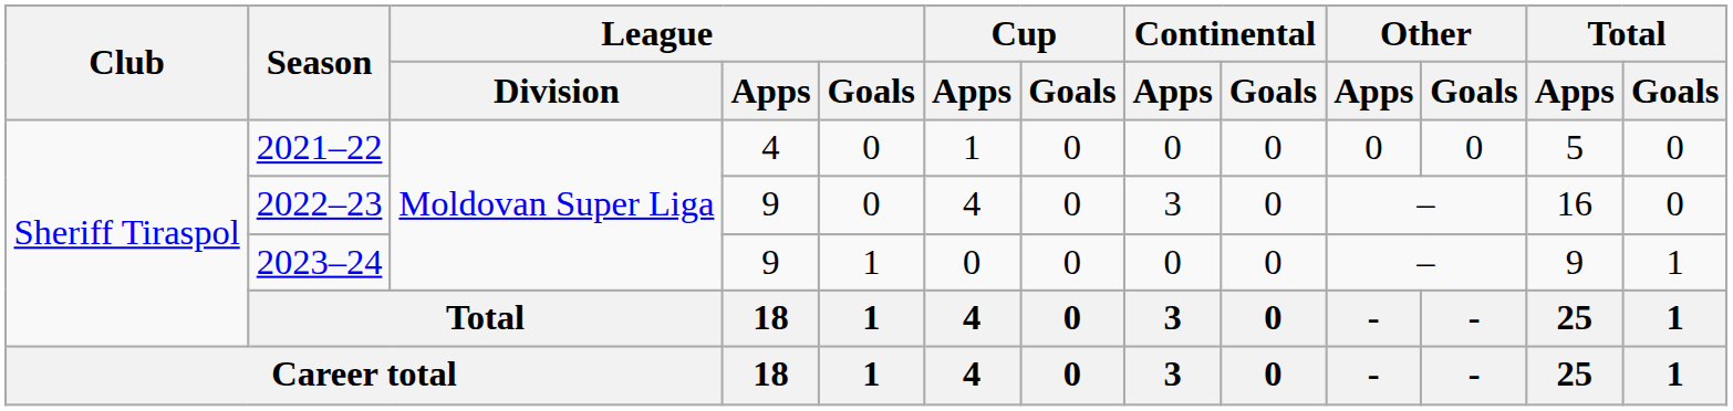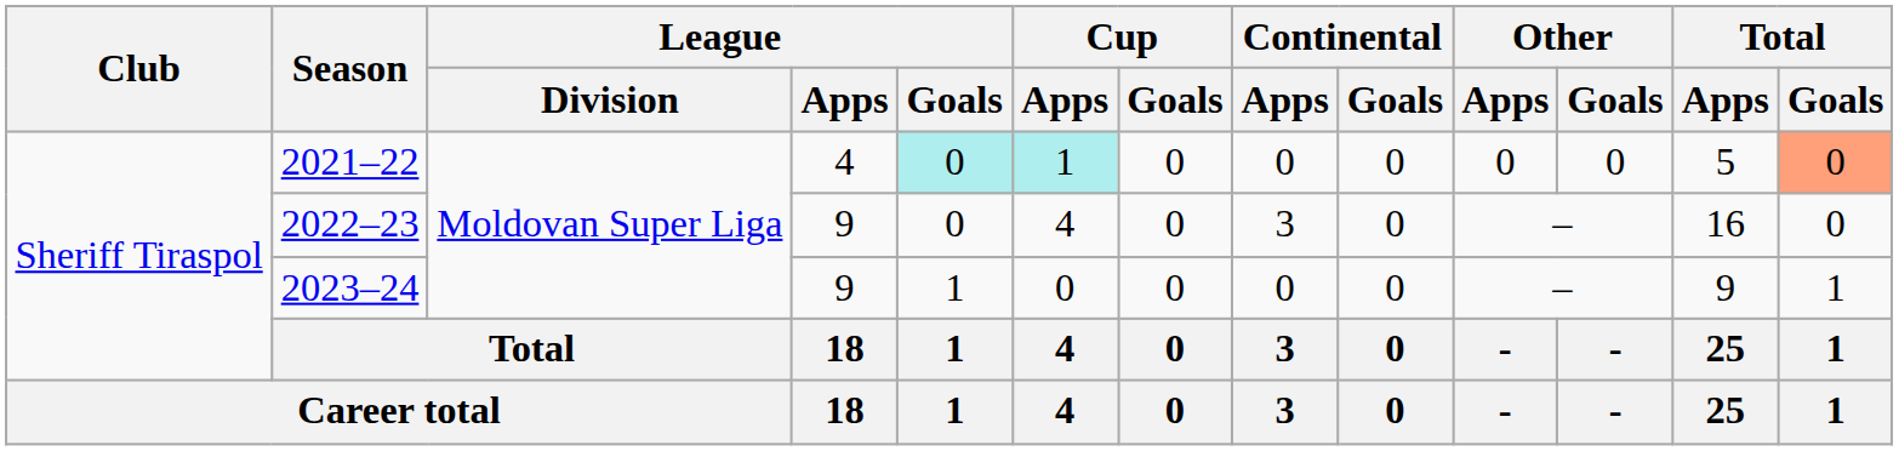 <table class="wikitable" style="text-align:center">
 <tr>
 <th rowspan="2">Club</th>
 <th rowspan="2">Season</th>
 <th colspan="3">League</th>
 <th colspan="2">Cup</th>
 <th colspan="2">Continental</th>
 <th colspan="2">Other</th>
 <th colspan="2">Total</th>
 </tr>
 <tr>
 <th>Division</th>
 <th>Apps</th>
 <th>Goals</th>
 <th>Apps</th>
 <th>Goals</th>
 <th>Apps</th>
 <th>Goals</th>
 <th>Apps</th>
 <th>Goals</th>
 <th>Apps</th>
 <th>Goals</th>
 </tr>
 <tr>
 <td rowspan="4"><a href='#'>Sheriff Tiraspol</a></td>
 <td><a href='#'>2021–22</a></td>
 <td rowspan="3"><a href='#'>Moldovan Super Liga</a></td>
 <td>4</td>
-<td>0</td>
-<td>1</td>
+<td style="background: paleturquoise;">0</td>
+<td style="background: paleturquoise;">1</td>
 <td>0</td>
 <td>0</td>
 <td>0</td>
 <td>0</td>
 <td>0</td>
 <td>5</td>
-<td>0</td>
+<td style="background: lightsalmon;">0</td>
 </tr>
 <tr>
 <td><a href='#'>2022–23</a></td>
 <td>9</td>
 <td>0</td>
 <td>4</td>
 <td>0</td>
 <td>3</td>
 <td>0</td>
 <td colspan="2">–</td>
 <td>16</td>
 <td>0</td>
 </tr>
 <tr>
 <td><a href='#'>2023–24</a></td>
 <td>9</td>
 <td>1</td>
 <td>0</td>
 <td>0</td>
 <td>0</td>
 <td>0</td>
 <td colspan="2">–</td>
 <td>9</td>
 <td>1</td>
 </tr>
 <tr>
 <th colspan="2">Total</th>
 <th>18</th>
 <th>1</th>
 <th>4</th>
 <th>0</th>
 <th>3</th>
 <th>0</th>
 <th>-</th>
 <th>-</th>
 <th>25</th>
 <th>1</th>
 </tr>
 <tr>
 <th colspan="3">Career total</th>
 <th>18</th>
 <th>1</th>
 <th>4</th>
 <th>0</th>
 <th>3</th>
 <th>0</th>
 <th>-</th>
 <th>-</th>
 <th>25</th>
 <th>1</th>
 </tr>
 </table>
